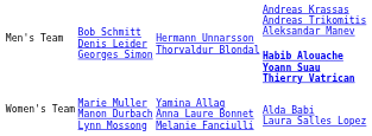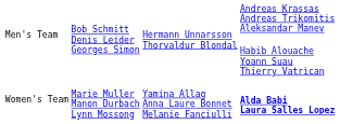 <table>
 <tr>
 <td rowspan=2>Men's Team</td>
 <td rowspan=2><br><a href='#'>Bob Schmitt</a><br><a href='#'>Denis Leider</a><br><a href='#'>Georges Simon</a></td>
 <td rowspan=2><br><a href='#'>Hermann Unnarsson</a><br><a href='#'>Thorvaldur Blondal</a></td>
 <td><br><a href='#'>Andreas Krassas</a><br><a href='#'>Andreas Trikomitis</a><br><a href='#'>Aleksandar Manev</a></td>
 </tr>
 <tr>
-<td><strong><br><a href='#'>Habib Alouache</a><br><a href='#'>Yoann Suau</a><br><a href='#'>Thierry Vatrican</a></strong></td>
+<td><br><a href='#'>Habib Alouache</a><br><a href='#'>Yoann Suau</a><br><a href='#'>Thierry Vatrican</a></td>
 </tr>
 <tr>
 <td rowspan=2>Women's Team</td>
 <td rowspan=2><br><a href='#'>Marie Muller</a><br><a href='#'>Manon Durbach</a><br><a href='#'>Lynn Mossong</a></td>
 <td rowspan=2><br><a href='#'>Yamina Allag</a><br><a href='#'>Anna Laure Bonnet</a><br><a href='#'>Melanie Fanciulli</a></td>
 <td></td>
 </tr>
 <tr>
-<td><br><a href='#'>Alda Babi</a><br><a href='#'>Laura Salles Lopez</a></td>
+<td><strong><br><a href='#'>Alda Babi</a><br><a href='#'>Laura Salles Lopez</a></strong></td>
 </tr>
 </table>
